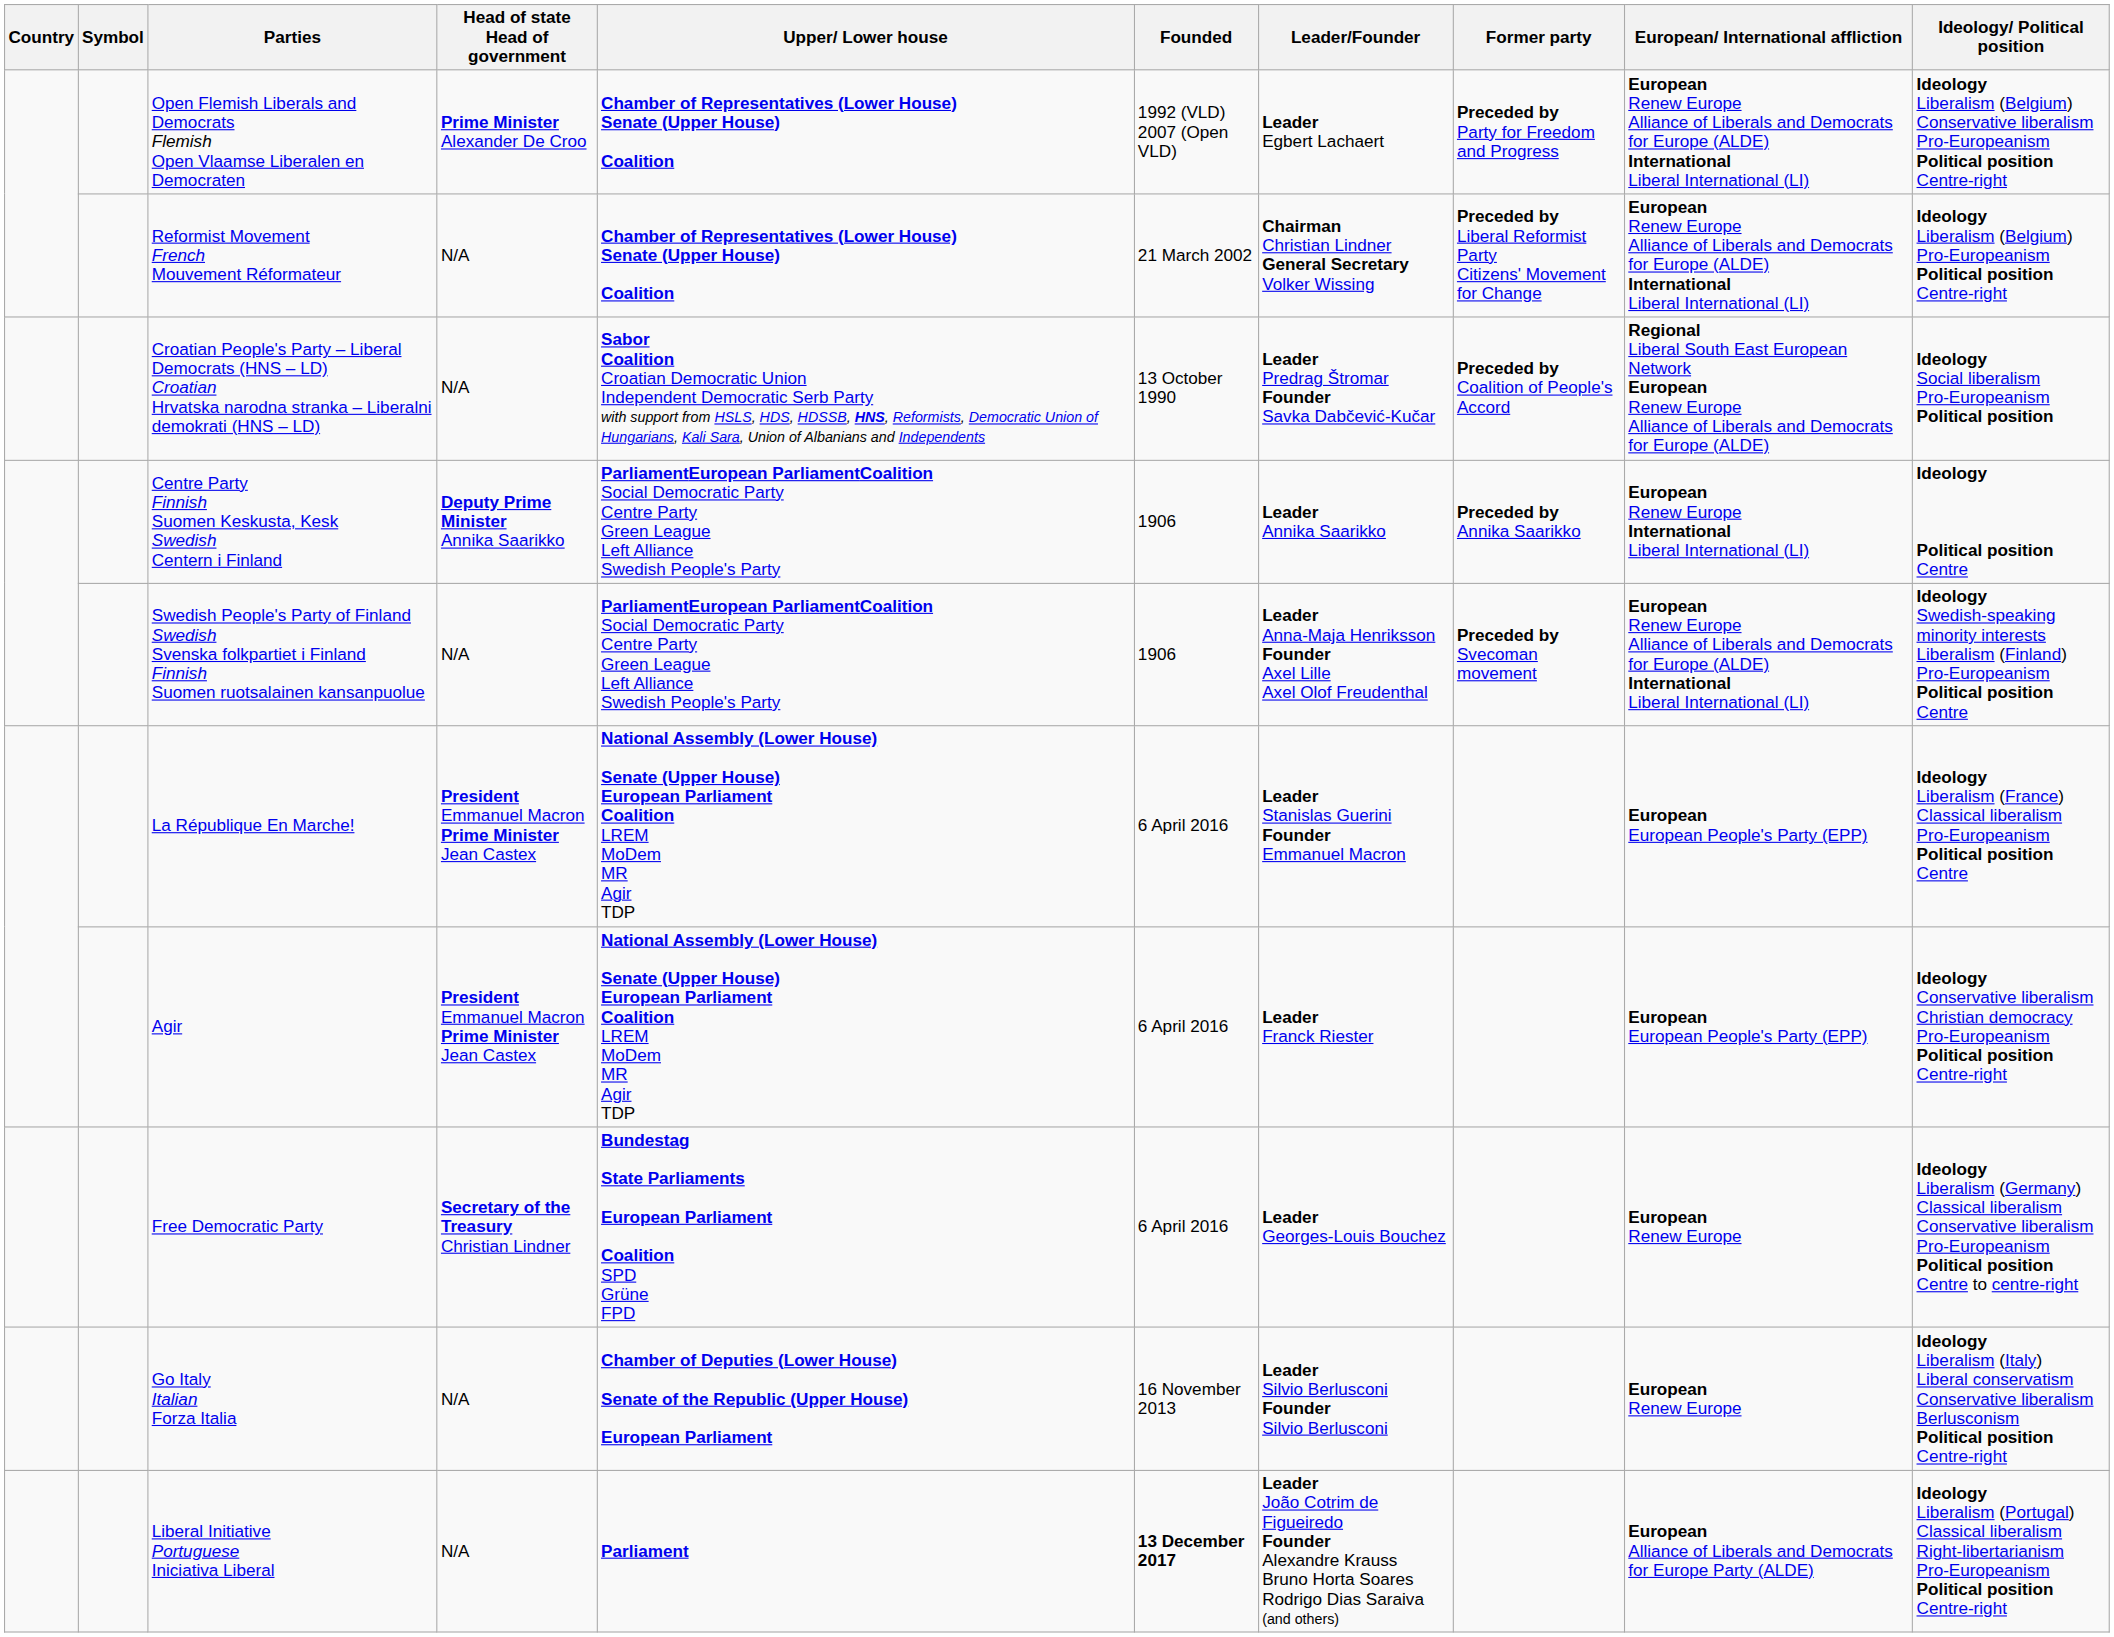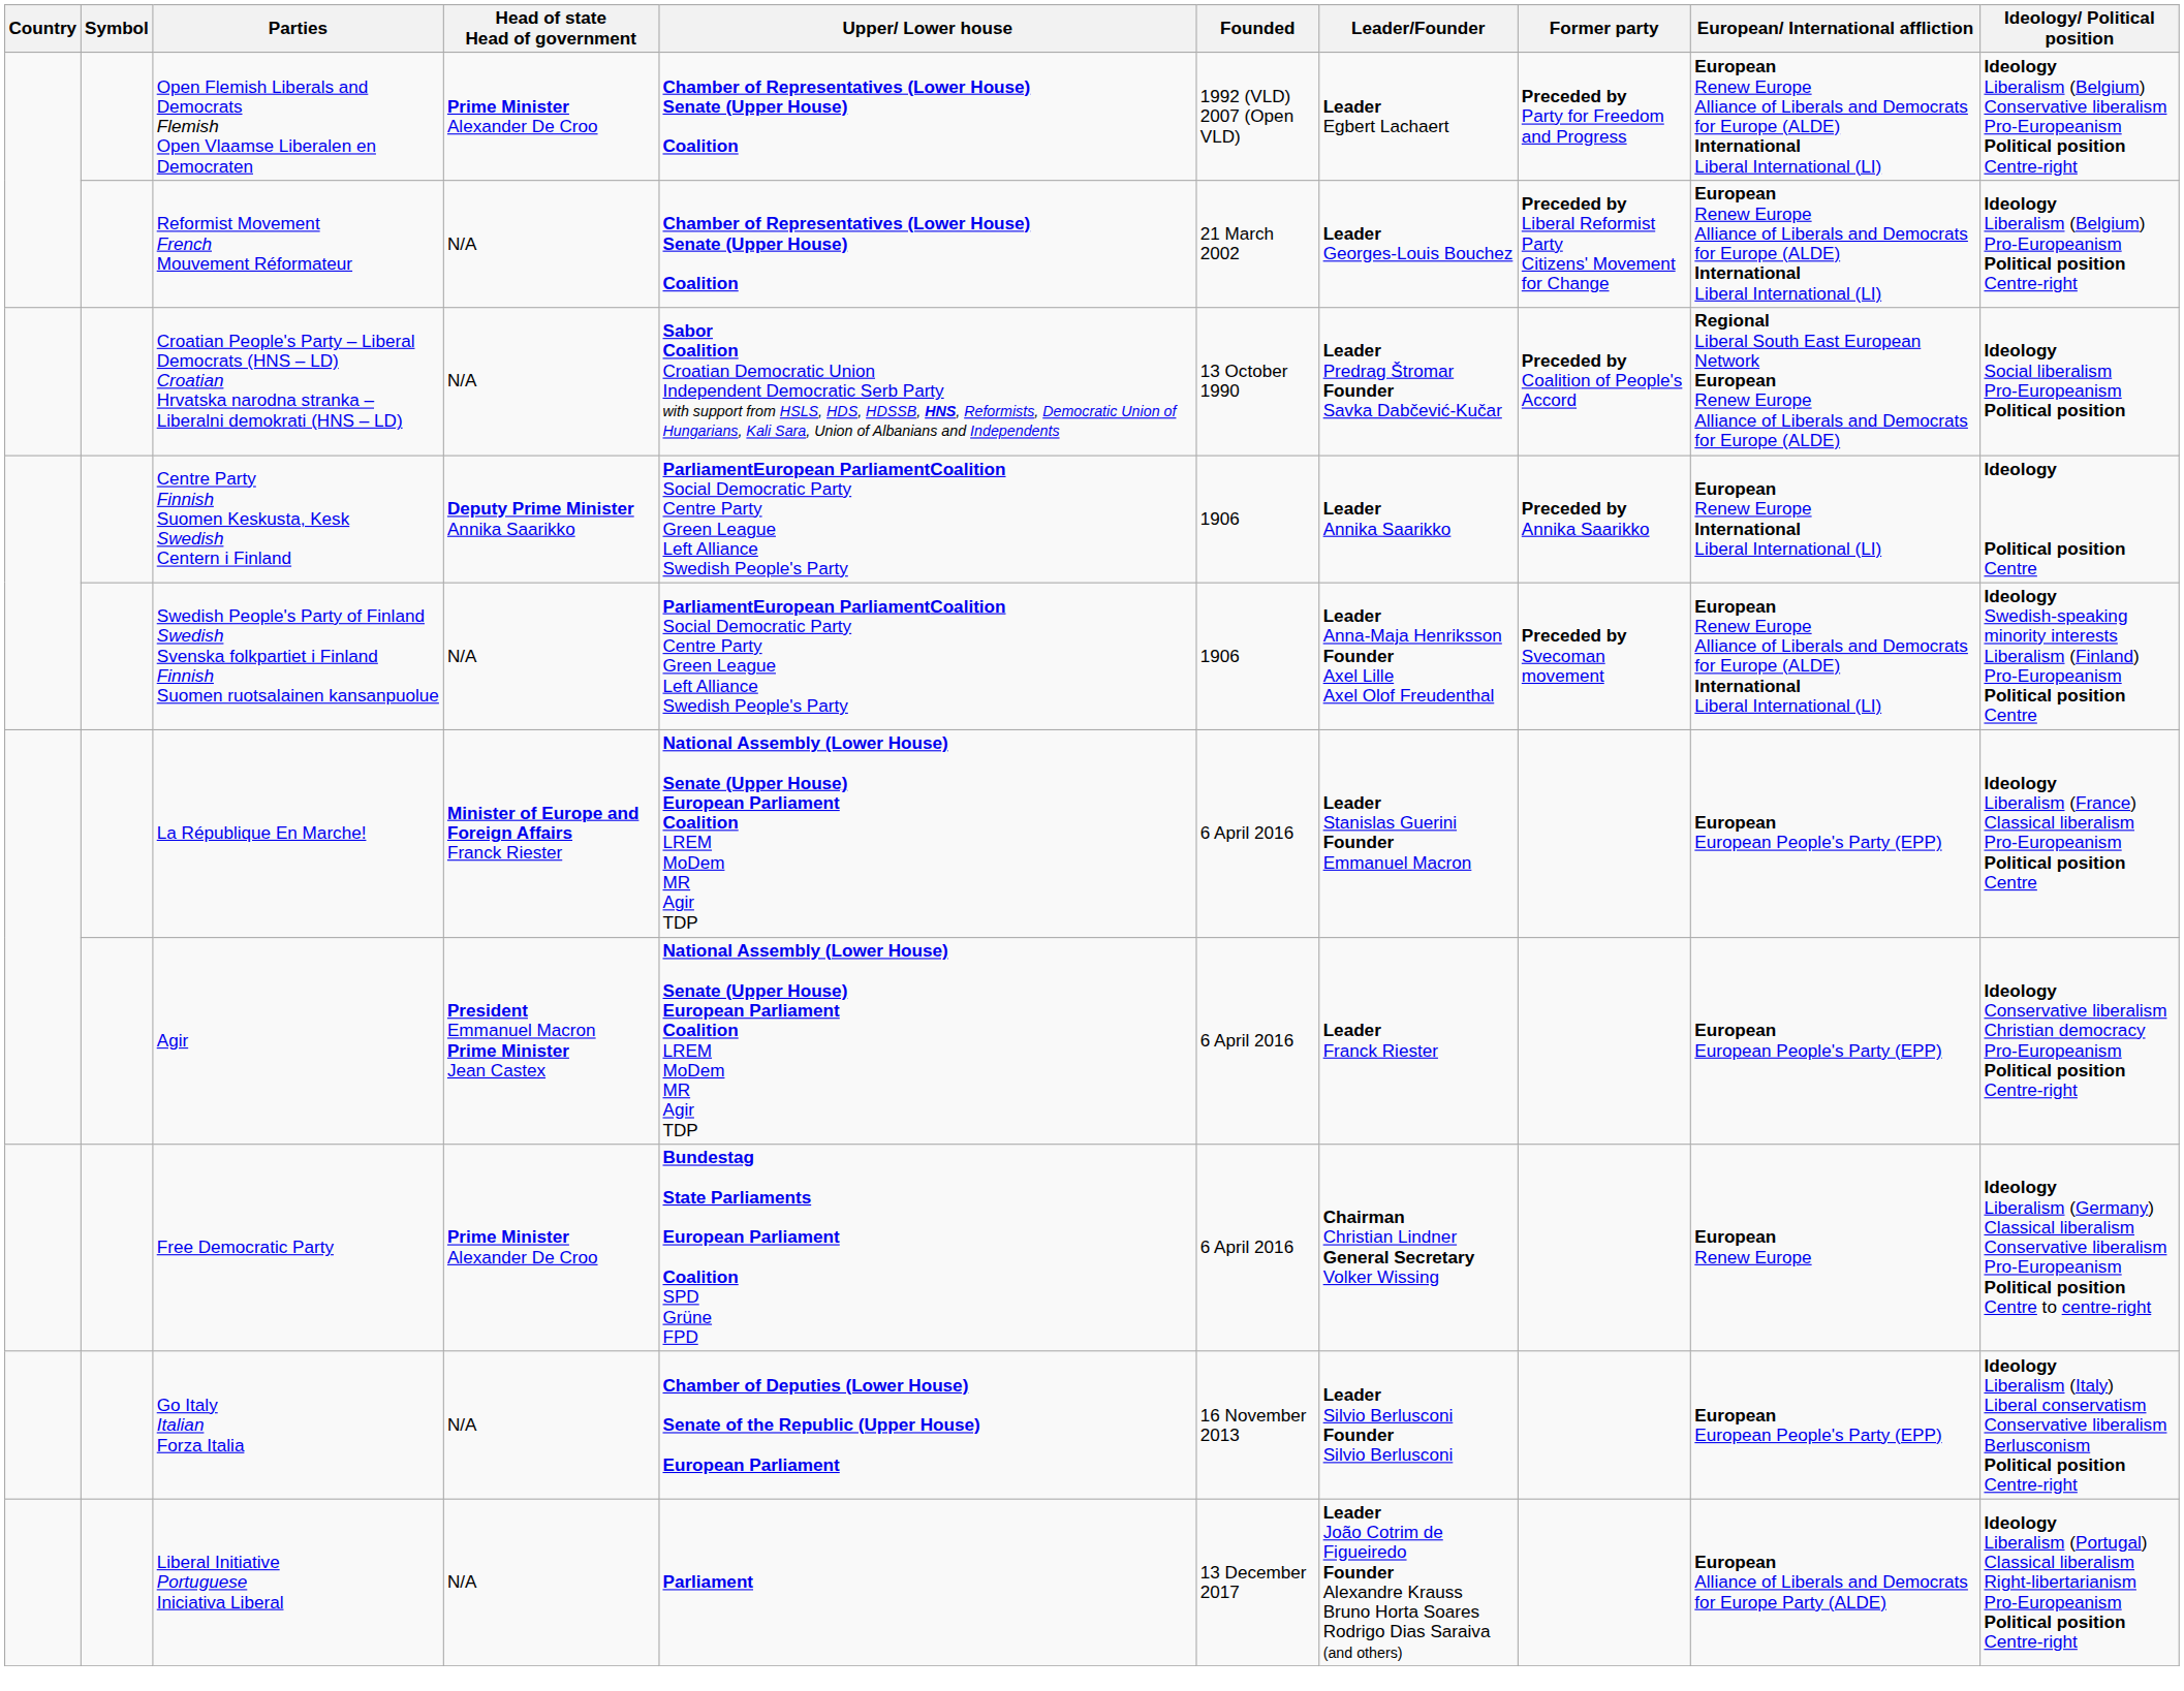 <table class="wikitable">
 <tr>
 <th>Country</th>
 <th>Symbol</th>
 <th>Parties</th>
 <th>Head of state<br>Head of government</th>
 <th>Upper/ Lower house</th>
 <th>Founded</th>
 <th>Leader/Founder</th>
 <th>Former party</th>
 <th>European/ International affliction</th>
 <th>Ideology/ Political position</th>
 </tr>
 <tr>
 <td rowspan="2"></td>
 <td></td>
 <td><br><a href='#'>Open Flemish Liberals and Democrats</a><br><em>Flemish</em><br><a href='#'>Open Vlaamse Liberalen en Democraten</a></td>
 <td><strong><a href='#'>Prime Minister</a></strong><br><a href='#'>Alexander De Croo</a></td>
 <td><strong><a href='#'>Chamber of Representatives (Lower House)</a></strong><br><strong><a href='#'>Senate (Upper House)</a></strong><br><br><strong><a href='#'>Coalition</a></strong><br></td>
 <td>1992 (VLD)<br>2007 (Open VLD)</td>
 <td><strong>Leader</strong><br>Egbert Lachaert</td>
 <td><strong>Preceded by</strong><br><a href='#'>Party for Freedom and Progress</a></td>
 <td><strong>European</strong><br><a href='#'>Renew Europe</a><br><a href='#'>Alliance of Liberals and Democrats for Europe (ALDE)</a><br><strong>International</strong><br><a href='#'>Liberal International (LI)</a></td>
 <td><strong>Ideology</strong><br><a href='#'>Liberalism</a> (<a href='#'>Belgium</a>)<br><a href='#'>Conservative liberalism</a><br><a href='#'>Pro-Europeanism</a><br><strong>Political position</strong><br><a href='#'>Centre-right</a></td>
 </tr>
 <tr>
 <td></td>
 <td><a href='#'>Reformist Movement</a><br><em><a href='#'>French</a></em><br><a href='#'>Mouvement Réformateur</a></td>
 <td>N/A</td>
 <td><br><strong><a href='#'>Chamber of Representatives (Lower House)</a></strong><br><strong><a href='#'>Senate (Upper House)</a></strong><br><br><strong><a href='#'>Coalition</a></strong><br></td>
 <td>21 March 2002</td>
-<td><strong>Chairman</strong><br><a href='#'>Christian Lindner</a><br><strong>General Secretary</strong><br><a href='#'>Volker Wissing</a></td>
+<td><strong>Leader</strong><br><a href='#'>Georges-Louis Bouchez</a></td>
 <td><strong>Preceded by</strong><br><a href='#'>Liberal Reformist Party</a><br><a href='#'>Citizens' Movement for Change</a></td>
 <td><strong>European</strong><br><a href='#'>Renew Europe</a><br><a href='#'>Alliance of Liberals and Democrats for Europe (ALDE)</a><br><strong>International</strong><br><a href='#'>Liberal International (LI)</a></td>
 <td><strong>Ideology</strong><br><a href='#'>Liberalism</a> (<a href='#'>Belgium</a>)<br><a href='#'>Pro-Europeanism</a><br><strong>Political position</strong><br><a href='#'>Centre-right</a></td>
 </tr>
 <tr>
 <td></td>
 <td></td>
 <td><a href='#'>Croatian People's Party – Liberal Democrats (HNS – LD)</a><br><em><a href='#'>Croatian</a></em><br><a href='#'>Hrvatska narodna stranka – Liberalni demokrati (HNS – LD)</a></td>
 <td>N/A</td>
 <td><strong><a href='#'>Sabor</a></strong><br><strong><a href='#'>Coalition</a></strong><br><a href='#'>Croatian Democratic Union</a><br><a href='#'>Independent Democratic Serb Party</a><br><small><em>with support from <a href='#'>HSLS</a>, <a href='#'>HDS</a>, <a href='#'>HDSSB</a>, <a href='#'><strong>HNS</strong></a>, <a href='#'>Reformists</a>, <a href='#'>Democratic Union of Hungarians</a>, <a href='#'>Kali Sara</a>, Union of Albanians and <a href='#'>Independents</a></em></small></td>
 <td>13 October 1990</td>
 <td><strong>Leader</strong><br><a href='#'>Predrag Štromar</a><br><strong>Founder</strong><br><a href='#'>Savka Dabčević-Kučar</a></td>
 <td><strong>Preceded by</strong><br><a href='#'>Coalition of People's Accord</a></td>
 <td><strong>Regional</strong><br><a href='#'>Liberal South East European Network</a><br><strong>European</strong><br><a href='#'>Renew Europe</a><br><a href='#'>Alliance of Liberals and Democrats for Europe (ALDE)</a></td>
 <td><strong>Ideology</strong><br><a href='#'>Social liberalism</a><br><a href='#'>Pro-Europeanism</a><br><strong>Political position</strong><br></td>
 </tr>
 <tr>
 <td rowspan="2"></td>
 <td></td>
 <td><a href='#'>Centre Party</a><br><em><a href='#'>Finnish</a></em><br><a href='#'>Suomen Keskusta, Kesk</a><br><em><a href='#'>Swedish</a></em><br><a href='#'>Centern i Finland</a></td>
 <td><a href='#'><strong>Deputy Prime Minister</strong></a><br><a href='#'>Annika Saarikko</a></td>
 <td><a href='#'><strong>Parliament</strong></a><strong><a href='#'>European Parliament</a></strong><strong><a href='#'>Coalition</a></strong><br><a href='#'>Social Democratic Party</a><br><a href='#'>Centre Party</a><br><a href='#'>Green League</a><br><a href='#'>Left Alliance</a><br><a href='#'>Swedish People's Party</a></td>
 <td>1906</td>
 <td><strong>Leader</strong><br><a href='#'>Annika Saarikko</a></td>
 <td><strong>Preceded by</strong><br><a href='#'>Annika Saarikko</a></td>
 <td><strong>European</strong><br><a href='#'>Renew Europe</a><br><strong>International</strong><br><a href='#'>Liberal International (LI)</a></td>
 <td><strong>Ideology</strong><br><br><br><br><strong>Political position</strong><br><a href='#'>Centre</a></td>
 </tr>
 <tr>
 <td></td>
 <td><a href='#'>Swedish People's Party of Finland</a><br><a href='#'><em>Swedish</em></a><br><a href='#'>Svenska folkpartiet i Finland</a><br><em><a href='#'>Finnish</a></em><br><a href='#'>Suomen ruotsalainen kansanpuolue</a></td>
 <td>N/A</td>
 <td><a href='#'><strong>Parliament</strong></a><strong><a href='#'>European Parliament</a></strong><strong><a href='#'>Coalition</a></strong><br><a href='#'>Social Democratic Party</a><br><a href='#'>Centre Party</a><br><a href='#'>Green League</a><br><a href='#'>Left Alliance</a><br><a href='#'>Swedish People's Party</a></td>
 <td>1906</td>
 <td><strong>Leader</strong><br><a href='#'>Anna-Maja Henriksson</a><br><strong>Founder</strong><br><a href='#'>Axel Lille</a><br><a href='#'>Axel Olof Freudenthal</a></td>
 <td><strong>Preceded by</strong><br><a href='#'>Svecoman movement</a></td>
 <td><strong>European</strong><br><a href='#'>Renew Europe</a><br><a href='#'>Alliance of Liberals and Democrats for Europe (ALDE)</a><br><strong>International</strong><br><a href='#'>Liberal International (LI)</a></td>
 <td><strong>Ideology</strong><br><a href='#'>Swedish-speaking</a> <a href='#'>minority interests</a><br><a href='#'>Liberalism</a> (<a href='#'>Finland</a>)<br><a href='#'>Pro-Europeanism</a><br><strong>Political position</strong><br><a href='#'>Centre</a></td>
 </tr>
 <tr>
 <td rowspan="2"></td>
 <td></td>
 <td><a href='#'>La République En Marche!</a></td>
-<td><strong><a href='#'>President</a></strong><br><a href='#'>Emmanuel Macron</a><br><strong><a href='#'>Prime Minister</a></strong><br><a href='#'>Jean Castex</a></td>
+<td><strong><a href='#'>Minister of Europe and Foreign Affairs</a></strong><br><a href='#'>Franck Riester</a></td>
 <td><strong><a href='#'>National Assembly (Lower House)</a></strong><br><br><strong><a href='#'>Senate (Upper House)</a></strong><br><strong><a href='#'>European Parliament</a></strong><br><a href='#'><strong>Coalition</strong></a><br><a href='#'>LREM</a><br><a href='#'>MoDem</a><br><a href='#'>MR</a><br><a href='#'>Agir</a><br>TDP</td>
 <td>6 April 2016</td>
 <td><strong>Leader</strong><br><a href='#'>Stanislas Guerini</a><br><strong>Founder</strong><br><a href='#'>Emmanuel Macron</a></td>
 <td></td>
 <td><strong>European</strong><br><a href='#'>European People's Party (EPP)</a></td>
 <td><strong>Ideology</strong><br><a href='#'>Liberalism</a> (<a href='#'>France</a>)<br><a href='#'>Classical liberalism</a><br><a href='#'>Pro-Europeanism</a><br><strong>Political position</strong><br><a href='#'>Centre</a></td>
 </tr>
 <tr>
 <td></td>
 <td><a href='#'>Agir</a></td>
 <td><strong><a href='#'>President</a></strong><br><a href='#'>Emmanuel Macron</a><br><strong><a href='#'>Prime Minister</a></strong><br><a href='#'>Jean Castex</a></td>
 <td><strong><a href='#'>National Assembly (Lower House)</a></strong><br><br><strong><a href='#'>Senate (Upper House)</a></strong><br><strong><a href='#'>European Parliament</a></strong><br><a href='#'><strong>Coalition</strong></a><br><a href='#'>LREM</a><br><a href='#'>MoDem</a><br><a href='#'>MR</a><br><a href='#'>Agir</a><br>TDP</td>
 <td>6 April 2016</td>
 <td><strong>Leader</strong><br><a href='#'>Franck Riester</a></td>
 <td></td>
 <td><strong>European</strong><br><a href='#'>European People's Party (EPP)</a></td>
 <td><strong>Ideology</strong><br><a href='#'>Conservative liberalism</a><br><a href='#'>Christian democracy</a><br><a href='#'>Pro-Europeanism</a><br><strong>Political position</strong><br><a href='#'>Centre-right</a></td>
 </tr>
 <tr>
 <td></td>
 <td></td>
 <td><a href='#'>Free Democratic Party</a></td>
-<td><strong><a href='#'>Secretary of the Treasury</a></strong><br><a href='#'>Christian Lindner</a></td>
+<td><strong><a href='#'>Prime Minister</a></strong><br><a href='#'>Alexander De Croo</a></td>
 <td><strong><a href='#'>Bundestag</a></strong><br><br><strong><a href='#'>State Parliaments</a></strong><br><br><strong><a href='#'>European Parliament</a></strong><br><br><a href='#'><strong>Coalition</strong></a><br><a href='#'>SPD</a><br><a href='#'>Grüne</a><br><a href='#'>FPD</a></td>
 <td>6 April 2016</td>
-<td><strong>Leader</strong><br><a href='#'>Georges-Louis Bouchez</a></td>
+<td><strong>Chairman</strong><br><a href='#'>Christian Lindner</a><br><strong>General Secretary</strong><br><a href='#'>Volker Wissing</a></td>
 <td></td>
 <td><strong>European</strong><br><a href='#'>Renew Europe</a></td>
 <td><strong>Ideology</strong><br><a href='#'>Liberalism</a> (<a href='#'>Germany</a>)<br><a href='#'>Classical liberalism</a><br><a href='#'>Conservative liberalism</a><br><a href='#'>Pro-Europeanism</a><br><strong>Political position</strong><br><a href='#'>Centre</a> to <a href='#'>centre-right</a></td>
 </tr>
 <tr>
 <td></td>
 <td></td>
 <td><a href='#'>Go Italy</a><br><em><a href='#'>Italian</a></em> <br> <a href='#'>Forza Italia</a></td>
 <td>N/A</td>
 <td><strong><a href='#'>Chamber of Deputies (Lower House)</a></strong><br><br><strong><a href='#'>Senate of the Republic (Upper House)</a></strong><br><br><strong><a href='#'>European Parliament</a></strong><br></td>
 <td>16 November 2013</td>
 <td><strong>Leader</strong><br><a href='#'>Silvio Berlusconi</a><br><strong>Founder</strong><br><a href='#'>Silvio Berlusconi</a></td>
 <td></td>
-<td><strong>European</strong><br><a href='#'>Renew Europe</a></td>
+<td><strong>European</strong><br><a href='#'>European People's Party (EPP)</a></td>
 <td><strong>Ideology</strong><br><a href='#'>Liberalism</a> (<a href='#'>Italy</a>)<br><a href='#'>Liberal conservatism</a><br><a href='#'>Conservative liberalism</a><br><a href='#'>Berlusconism</a><br><strong>Political position</strong><br><a href='#'>Centre-right</a></td>
 </tr>
 <tr>
 <td></td>
 <td></td>
 <td><a href='#'>Liberal Initiative</a><br><em><a href='#'>Portuguese</a></em> <br> <a href='#'>Iniciativa Liberal</a></td>
 <td>N/A</td>
 <td><strong><a href='#'>Parliament</a></strong><br></td>
-<td><strong>13 December 2017</strong></td>
+<td>13 December 2017</td>
 <td><strong>Leader</strong><br><a href='#'>João Cotrim de Figueiredo</a><br><strong>Founder</strong><br>Alexandre Krauss <br> Bruno Horta Soares <br> Rodrigo Dias Saraiva <small>(and others)</small></td>
 <td></td>
 <td><strong>European</strong><br><a href='#'>Alliance of Liberals and Democrats for Europe Party (ALDE)</a></td>
 <td><strong>Ideology</strong><br><a href='#'>Liberalism</a> (<a href='#'>Portugal</a>)<br><a href='#'>Classical liberalism</a><br><a href='#'>Right-libertarianism</a><br><a href='#'>Pro-Europeanism</a><br><strong>Political position</strong><br><a href='#'>Centre-right</a></td>
 </tr>
 </table>
